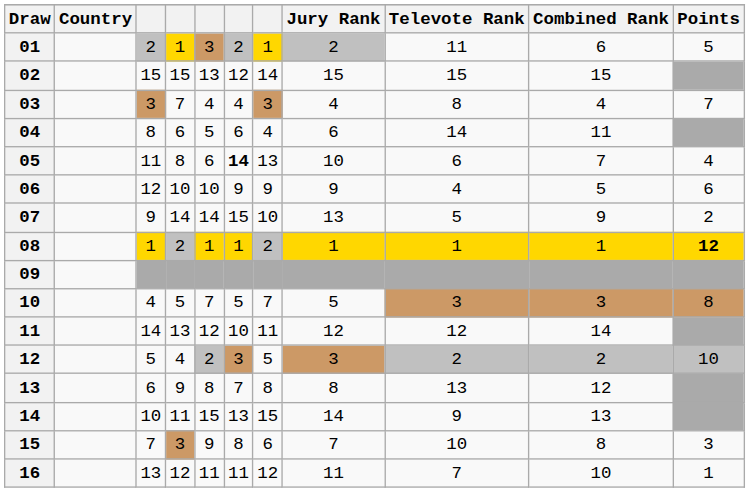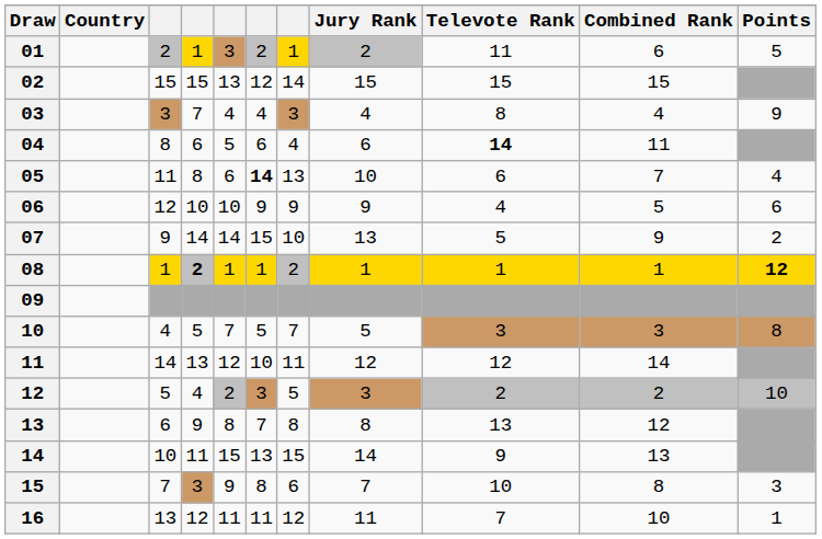 <table class="sortable wikitable collapsible plainrowheaders" style="text-align:center;">
 <tr>
 </tr>
 <tr>
 <th scope="col">Draw</th>
 <th scope="col">Country</th>
 <th scope="col"><small></small></th>
 <th scope="col"><small></small></th>
 <th scope="col"><small></small></th>
 <th scope="col"><small></small></th>
 <th scope="col"><small></small></th>
 <th scope="col">Jury Rank</th>
 <th scope="col">Televote Rank</th>
 <th scope="col">Combined Rank</th>
 <th scope="col">Points</th>
 </tr>
 <tr>
 <th scope="row" style="text-align:center;">01</th>
 <td style="text-align:left;"></td>
 <td style="background:silver;">2</td>
 <td style="background:gold;">1</td>
 <td style="background:#CC9966;">3</td>
 <td style="background:silver;">2</td>
 <td style="background:gold;">1</td>
 <td style="background:silver;">2</td>
 <td>11</td>
 <td>6</td>
 <td>5</td>
 </tr>
 <tr>
 <th scope="row" style="text-align:center;">02</th>
 <td style="text-align:left;"></td>
 <td>15</td>
 <td>15</td>
 <td>13</td>
 <td>12</td>
 <td>14</td>
 <td>15</td>
 <td>15</td>
 <td>15</td>
 <td style="background:#AAAAAA;"></td>
 </tr>
 <tr>
 <th scope="row" style="text-align:center;">03</th>
 <td style="text-align:left;"></td>
 <td style="background:#CC9966;">3</td>
 <td>7</td>
 <td>4</td>
 <td>4</td>
 <td style="background:#CC9966;">3</td>
 <td>4</td>
 <td>8</td>
 <td>4</td>
-<td>7</td>
+<td>9</td>
 </tr>
 <tr>
 <th scope="row" style="text-align:center;">04</th>
 <td style="text-align:left;"></td>
 <td>8</td>
 <td>6</td>
 <td>5</td>
 <td>6</td>
 <td>4</td>
 <td>6</td>
-<td>14</td>
+<td><strong>14</strong></td>
 <td>11</td>
 <td style="background:#AAAAAA;"></td>
 </tr>
 <tr>
 <th scope="row" style="text-align:center;">05</th>
 <td style="text-align:left;"></td>
 <td>11</td>
 <td>8</td>
 <td>6</td>
 <td><strong>14</strong></td>
 <td>13</td>
 <td>10</td>
 <td>6</td>
 <td>7</td>
 <td>4</td>
 </tr>
 <tr>
 <th scope="row" style="text-align:center;">06</th>
 <td style="text-align:left;"></td>
 <td>12</td>
 <td>10</td>
 <td>10</td>
 <td>9</td>
 <td>9</td>
 <td>9</td>
 <td>4</td>
 <td>5</td>
 <td>6</td>
 </tr>
 <tr>
 <th scope="row" style="text-align:center;">07</th>
 <td style="text-align:left;"></td>
 <td>9</td>
 <td>14</td>
 <td>14</td>
 <td>15</td>
 <td>10</td>
 <td>13</td>
 <td>5</td>
 <td>9</td>
 <td>2</td>
 </tr>
 <tr>
 <th scope="row" style="text-align:center;">08</th>
 <td style="text-align:left;"></td>
 <td style="background:gold;">1</td>
-<td style="background:silver;">2</td>
+<td style="background:silver;"><strong>2</strong></td>
 <td style="background:gold;">1</td>
 <td style="background:gold;">1</td>
 <td style="background:silver;">2</td>
 <td style="background:gold;">1</td>
 <td style="background:gold;">1</td>
 <td style="background:gold;">1</td>
 <td style="background:gold;"><strong>12</strong></td>
 </tr>
 <tr class="sortbottom">
 <th scope="row" style="text-align:center;">09</th>
 <td style="text-align:left;"></td>
 <td style="background:#AAAAAA;"></td>
 <td style="background:#AAAAAA;"></td>
 <td style="background:#AAAAAA;"></td>
 <td style="background:#AAAAAA;"></td>
 <td style="background:#AAAAAA;"></td>
 <td style="background:#AAAAAA;"></td>
 <td style="background:#AAAAAA;"></td>
 <td style="background:#AAAAAA;"></td>
 <td style="background:#AAAAAA;"></td>
 </tr>
 <tr>
 <th scope="row" style="text-align:center;">10</th>
 <td style="text-align:left;"></td>
 <td>4</td>
 <td>5</td>
 <td>7</td>
 <td>5</td>
 <td>7</td>
 <td>5</td>
 <td style="background:#CC9966;">3</td>
 <td style="background:#CC9966;">3</td>
 <td style="background:#CC9966;">8</td>
 </tr>
 <tr>
 <th scope="row" style="text-align:center;">11</th>
 <td style="text-align:left;"></td>
 <td>14</td>
 <td>13</td>
 <td>12</td>
 <td>10</td>
 <td>11</td>
 <td>12</td>
 <td>12</td>
 <td>14</td>
 <td style="background:#AAAAAA;"></td>
 </tr>
 <tr>
 <th scope="row" style="text-align:center;">12</th>
 <td style="text-align:left;"></td>
 <td>5</td>
 <td>4</td>
 <td style="background:silver;">2</td>
 <td style="background:#CC9966;">3</td>
 <td>5</td>
 <td style="background:#CC9966;">3</td>
 <td style="background:silver;">2</td>
 <td style="background:silver;">2</td>
 <td style="background:silver;">10</td>
 </tr>
 <tr>
 <th scope="row" style="text-align:center;">13</th>
 <td style="text-align:left;"></td>
 <td>6</td>
 <td>9</td>
 <td>8</td>
 <td>7</td>
 <td>8</td>
 <td>8</td>
 <td>13</td>
 <td>12</td>
 <td style="background:#AAAAAA;"></td>
 </tr>
 <tr>
 <th scope="row" style="text-align:center;">14</th>
 <td style="text-align:left;"></td>
 <td>10</td>
 <td>11</td>
 <td>15</td>
 <td>13</td>
 <td>15</td>
 <td>14</td>
 <td>9</td>
 <td>13</td>
 <td style="background:#AAAAAA;"></td>
 </tr>
 <tr>
 <th scope="row" style="text-align:center;">15</th>
 <td style="text-align:left;"></td>
 <td>7</td>
 <td style="background:#CC9966;">3</td>
 <td>9</td>
 <td>8</td>
 <td>6</td>
 <td>7</td>
 <td>10</td>
 <td>8</td>
 <td>3</td>
 </tr>
 <tr>
 <th scope="row" style="text-align:center;">16</th>
 <td style="text-align:left;"></td>
 <td>13</td>
 <td>12</td>
 <td>11</td>
 <td>11</td>
 <td>12</td>
 <td>11</td>
 <td>7</td>
 <td>10</td>
 <td>1</td>
 </tr>
 </table>
